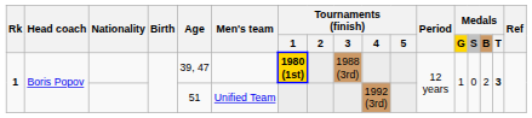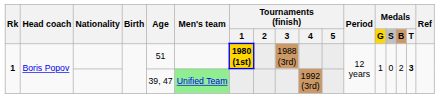 <table class="wikitable sortable" style="text-align: center; font-size: 80%; margin-left: 1em;">
 <tr>
 <th rowspan="2">Rk</th>
 <th rowspan="2">Head coach</th>
 <th rowspan="2">Nationality</th>
 <th rowspan="2">Birth</th>
 <th rowspan="2">Age</th>
 <th rowspan="2">Men's team</th>
 <th colspan="5">Tournaments<br>(finish)</th>
 <th rowspan="2">Period</th>
 <th colspan="4">Medals</th>
 <th rowspan="2" class="unsortable">Ref</th>
 </tr>
 <tr>
 <th>1</th>
 <th style="width: 2em;" class="unsortable">2</th>
 <th style="width: 2em;" class="unsortable">3</th>
 <th style="width: 2em;" class="unsortable">4</th>
 <th style="width: 2em;" class="unsortable">5</th>
 <th style="background-color: gold;">G</th>
 <th style="background-color: silver;">S</th>
 <th style="background-color: #cc9966;">B</th>
 <th>T</th>
 </tr>
 <tr>
 <td rowspan="2"><strong>1</strong></td>
 <td rowspan="2" style="text-align: left;" data-sort-value="Popov, Boris"><a href='#'>Boris Popov</a></td>
 <td style="text-align: left;"></td>
 <td rowspan="2"></td>
-<td>39, 47</td>
+<td>51</td>
 <td style="text-align: left;"></td>
 <td style="border: 2px solid blue; background-color: gold;"><strong>1980<br>(1st)</strong></td>
 <td style="background-color: #ececec;"></td>
 <td style="background-color: #cc9966;">1988<br>(3rd)</td>
 <td style="background-color: #ececec;"></td>
 <td style="background-color: #ececec;"></td>
 <td rowspan="2">12<br>years</td>
 <td rowspan="2">1</td>
 <td rowspan="2">0</td>
 <td rowspan="2">2</td>
 <td rowspan="2"><strong>3</strong></td>
 <td rowspan="2"><br></td>
 </tr>
 <tr class="expand-child">
 <td style="text-align: left;"></td>
-<td>51</td>
-<td style="text-align: left;"> <a href='#'>Unified Team</a></td>
+<td>39, 47</td>
+<td style="background: lightgreen; text-align: left;"> <a href='#'>Unified Team</a></td>
 <td style="background-color: #ececec;"></td>
 <td style="background-color: #ececec;"></td>
 <td style="background-color: #ececec;"></td>
 <td style="background-color: #cc9966;">1992<br>(3rd)</td>
 <td style="background-color: #ececec;"></td>
 </tr>
 </table>
